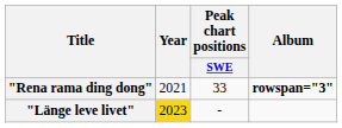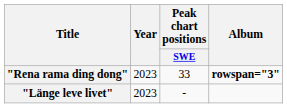 <table class="wikitable plainrowheaders" style="text-align:center;">
 <tr>
 <th scope="col" rowspan="2">Title</th>
 <th scope="col" rowspan="2">Year</th>
 <th scope="col" colspan="1">Peak chart positions</th>
 <th scope="col" rowspan="2">Album</th>
 </tr>
 <tr>
 <th scope="col" style="width:3em;font-size:85%;"><a href='#'>SWE</a><br></th>
 </tr>
 <tr>
 <th scope="row">"Rena rama ding dong"<br></th>
-<td>2021</td>
+<td>2023</td>
 <td>33</td>
 <td><strong>rowspan="3" </strong></td>
 </tr>
 <tr>
 <th scope="row">"Länge leve livet"<br></th>
-<td style="background: gold;">2023</td>
+<td>2023</td>
 <td>-</td>
 </tr>
 </table>
